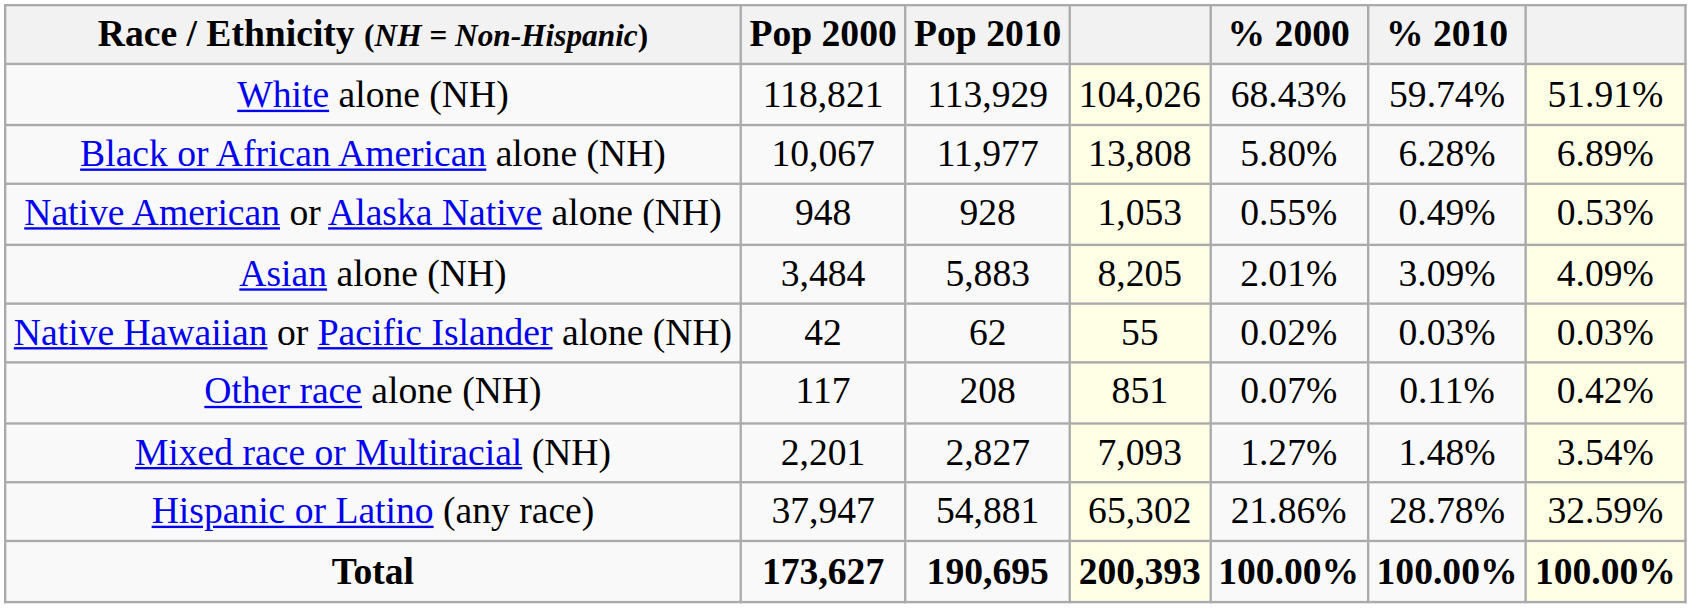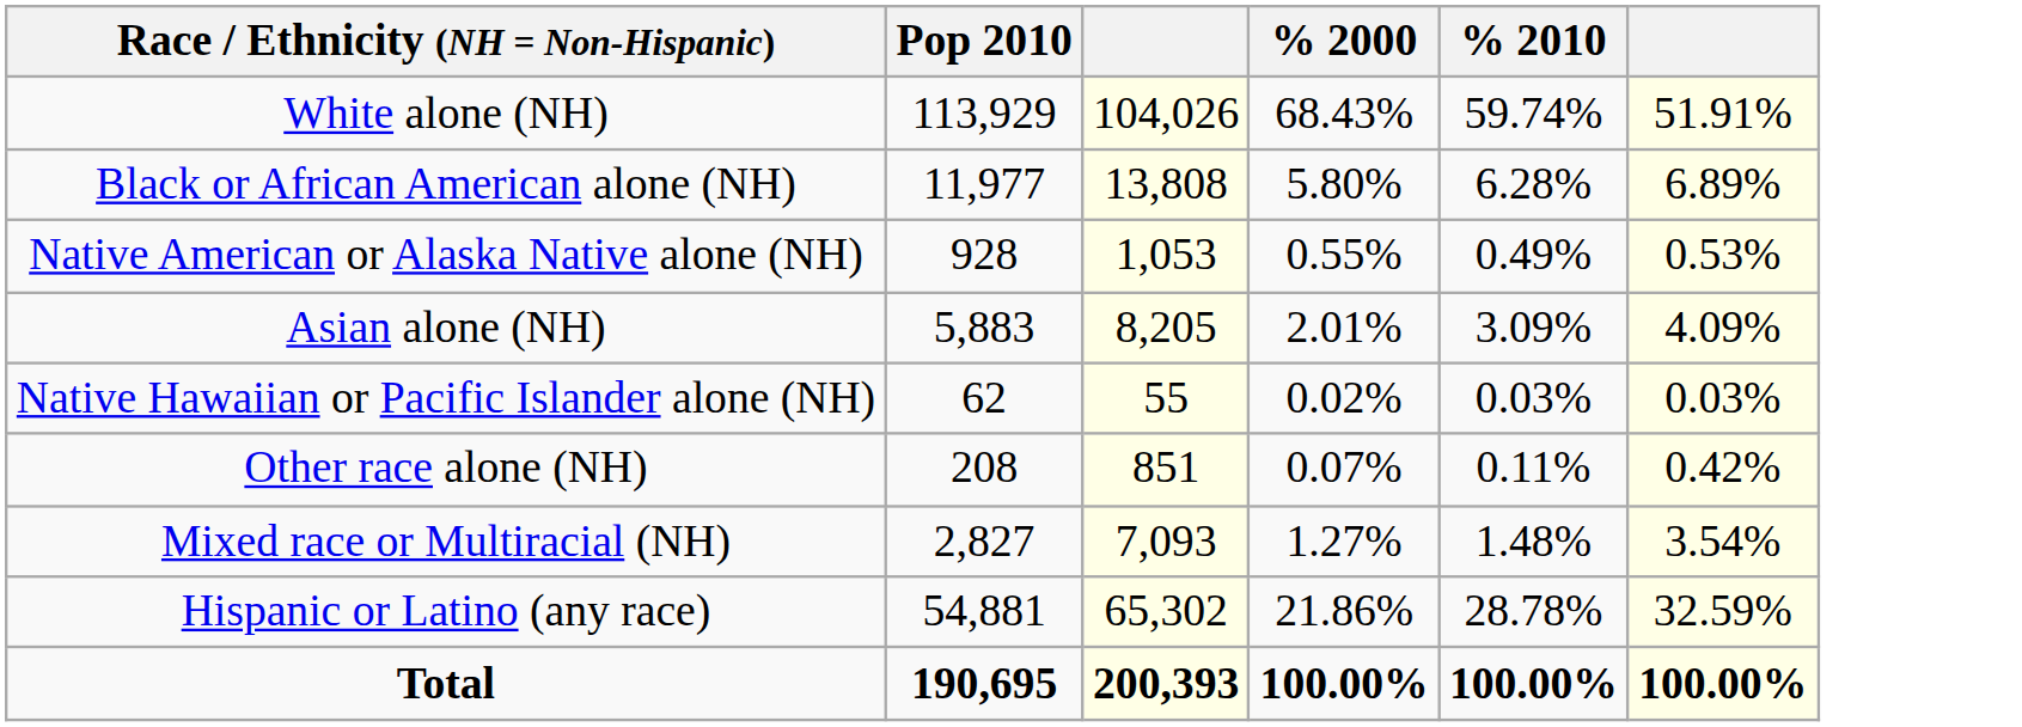 <table class="wikitable" style="text-align:center;">
 <tr>
 <th>Race / Ethnicity <small>(<em>NH = Non-Hispanic</em>)</small></th>
-<th>Pop 2000</th>
 <th>Pop 2010</th>
 <th></th>
 <th>% 2000</th>
 <th>% 2010</th>
 <th></th>
 </tr>
 <tr>
 <td><a href='#'>White</a> alone (NH)</td>
-<td>118,821</td>
 <td>113,929</td>
 <td style='background: #ffffe6;'>104,026</td>
 <td>68.43%</td>
 <td>59.74%</td>
 <td style='background: #ffffe6;'>51.91%</td>
 </tr>
 <tr>
 <td><a href='#'>Black or African American</a> alone (NH)</td>
-<td>10,067</td>
 <td>11,977</td>
 <td style='background: #ffffe6;'>13,808</td>
 <td>5.80%</td>
 <td>6.28%</td>
 <td style='background: #ffffe6;'>6.89%</td>
 </tr>
 <tr>
 <td><a href='#'>Native American</a> or <a href='#'>Alaska Native</a> alone (NH)</td>
-<td>948</td>
 <td>928</td>
 <td style='background: #ffffe6;'>1,053</td>
 <td>0.55%</td>
 <td>0.49%</td>
 <td style='background: #ffffe6;'>0.53%</td>
 </tr>
 <tr>
 <td><a href='#'>Asian</a> alone (NH)</td>
-<td>3,484</td>
 <td>5,883</td>
 <td style='background: #ffffe6;'>8,205</td>
 <td>2.01%</td>
 <td>3.09%</td>
 <td style='background: #ffffe6;'>4.09%</td>
 </tr>
 <tr>
 <td><a href='#'>Native Hawaiian</a> or <a href='#'>Pacific Islander</a> alone (NH)</td>
-<td>42</td>
 <td>62</td>
 <td style='background: #ffffe6;'>55</td>
 <td>0.02%</td>
 <td>0.03%</td>
 <td style='background: #ffffe6;'>0.03%</td>
 </tr>
 <tr>
 <td><a href='#'>Other race</a> alone (NH)</td>
-<td>117</td>
 <td>208</td>
 <td style='background: #ffffe6;'>851</td>
 <td>0.07%</td>
 <td>0.11%</td>
 <td style='background: #ffffe6;'>0.42%</td>
 </tr>
 <tr>
 <td><a href='#'>Mixed race or Multiracial</a> (NH)</td>
-<td>2,201</td>
 <td>2,827</td>
 <td style='background: #ffffe6;'>7,093</td>
 <td>1.27%</td>
 <td>1.48%</td>
 <td style='background: #ffffe6;'>3.54%</td>
 </tr>
 <tr>
 <td><a href='#'>Hispanic or Latino</a> (any race)</td>
-<td>37,947</td>
 <td>54,881</td>
 <td style='background: #ffffe6;'>65,302</td>
 <td>21.86%</td>
 <td>28.78%</td>
 <td style='background: #ffffe6;'>32.59%</td>
 </tr>
 <tr>
 <td><strong>Total</strong></td>
-<td><strong>173,627</strong></td>
 <td><strong>190,695</strong></td>
 <td style='background: #ffffe6;'><strong>200,393</strong></td>
 <td><strong>100.00%</strong></td>
 <td><strong>100.00%</strong></td>
 <td style='background: #ffffe6;'><strong>100.00%</strong></td>
 </tr>
 </table>
